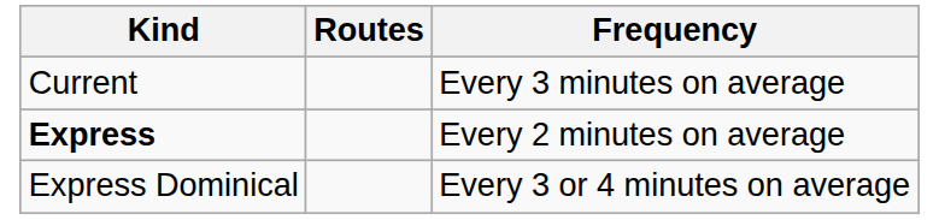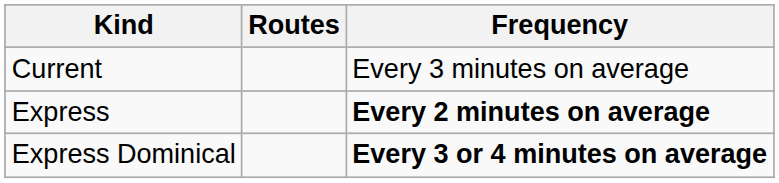 <table class="wikitable" style="margin-left: auto; margin-right: auto; border: none;">
 <tr>
 <th>Kind</th>
 <th>Routes</th>
 <th>Frequency</th>
 </tr>
 <tr>
 <td>Current</td>
 <td>  </td>
 <td>Every 3 minutes on average</td>
 </tr>
 <tr>
-<td><strong>Express</strong></td>
+<td>Express</td>
 <td>   </td>
-<td>Every 2 minutes on average</td>
+<td><strong>Every 2 minutes on average</strong></td>
 </tr>
 <tr>
 <td>Express Dominical</td>
 <td>  </td>
-<td>Every 3 or 4 minutes on average</td>
+<td><strong>Every 3 or 4 minutes on average</strong></td>
 </tr>
 </table>
